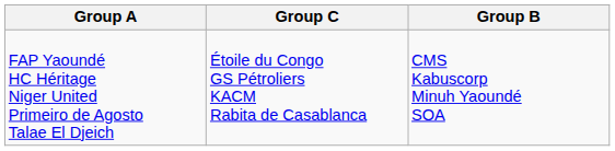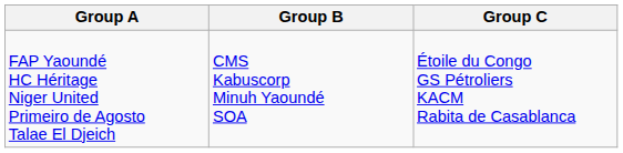 <table class="wikitable">
 <tr>
 <th width=195px>Group A</th>
+<th width=195px>Group B</th>
 <th width=195px>Group C</th>
-<th width=195px>Group B</th>
 </tr>
 <tr>
 <td valign=top><br> <a href='#'>FAP Yaoundé</a><br>  <a href='#'>HC Héritage</a><br>  <a href='#'>Niger United</a><br>  <a href='#'>Primeiro de Agosto</a><br>  <a href='#'>Talae El Djeich</a></td>
+<td valign=top><br> <a href='#'>CMS</a><br>  <a href='#'>Kabuscorp</a><br>  <a href='#'>Minuh Yaoundé</a><br>  <a href='#'>SOA</a></td>
 <td valign=top><br> <a href='#'>Étoile du Congo</a><br>  <a href='#'>GS Pétroliers</a><br>  <a href='#'>KACM</a><br>  <a href='#'>Rabita de Casablanca</a></td>
-<td valign=top><br> <a href='#'>CMS</a><br>  <a href='#'>Kabuscorp</a><br>  <a href='#'>Minuh Yaoundé</a><br>  <a href='#'>SOA</a></td>
 </tr>
 </table>
